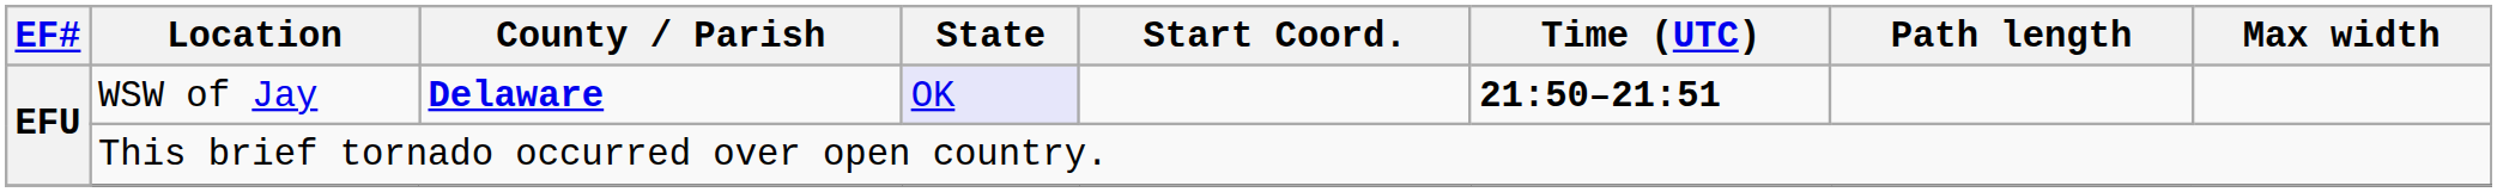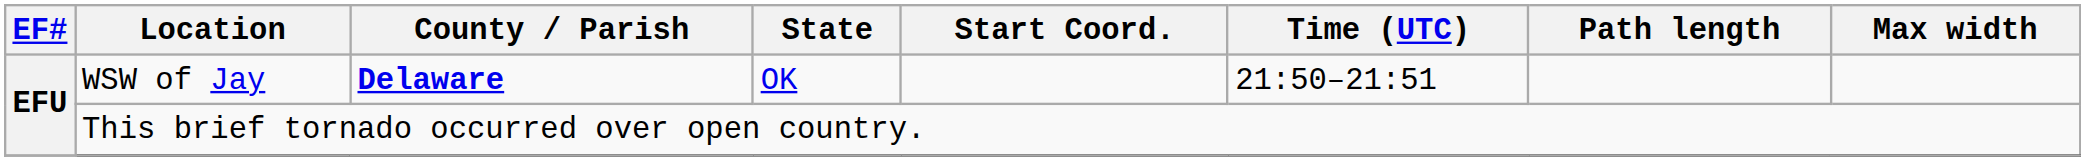 <table class="wikitable sortable" style="width:100%;">
 <tr>
 <th scope="col" width="2%" align="center"><a href='#'>EF#</a></th>
 <th scope="col" align="center" class="unsortable">Location</th>
 <th scope="col" align="center" class="unsortable">County / Parish</th>
 <th scope="col" align="center">State</th>
 <th scope="col" align="center">Start Coord.</th>
 <th scope="col" align="center">Time (<a href='#'>UTC</a>)</th>
 <th scope="col" align="center">Path length</th>
 <th scope="col" align="center">Max width</th>
 </tr>
 <tr>
 <th scope="row" rowspan="2" style="background-color:#">EFU</th>
 <td>WSW of <a href='#'>Jay</a></td>
 <td><strong><a href='#'>Delaware</a></strong></td>
-<td style="background: lavender;"><a href='#'>OK</a></td>
+<td><a href='#'>OK</a></td>
 <td></td>
-<td><strong>21:50–21:51</strong></td>
+<td>21:50–21:51</td>
 <td></td>
 <td></td>
 </tr>
 <tr class="expand-child">
 <td colspan="8" style=" border-bottom: 1px solid black;">This brief tornado occurred over open country.</td>
 </tr>
 <tr>
 </tr>
 </table>
